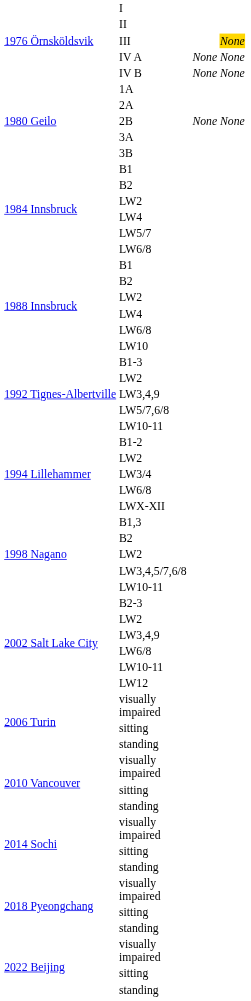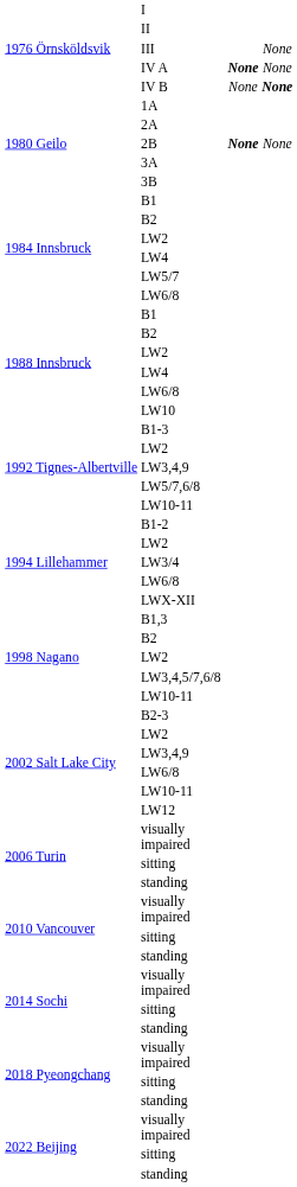 <table>
 <tr>
 <td rowspan="5"><a href='#'>1976 Örnsköldsvik</a><br></td>
 <td>I</td>
 <td></td>
 <td></td>
 <td></td>
 </tr>
 <tr>
 <td>II</td>
 <td></td>
 <td></td>
 <td></td>
 </tr>
 <tr>
 <td>III</td>
 <td></td>
 <td></td>
-<td align="center" style="background: gold;"><em>None</em></td>
+<td align="center"><em>None</em></td>
 </tr>
 <tr>
 <td>IV A</td>
 <td></td>
-<td align="center"><em>None</em></td>
+<td align="center"><strong><em>None</em></strong></td>
 <td align="center"><em>None</em></td>
 </tr>
 <tr>
 <td>IV B</td>
 <td></td>
 <td align="center"><em>None</em></td>
-<td align="center"><em>None</em></td>
+<td align="center"><strong><em>None</em></strong></td>
 </tr>
 <tr>
 <td rowspan="5"><a href='#'>1980 Geilo</a><br></td>
 <td>1A</td>
 <td></td>
 <td></td>
 <td></td>
 </tr>
 <tr>
 <td>2A</td>
 <td></td>
 <td></td>
 <td></td>
 </tr>
 <tr>
 <td>2B</td>
 <td></td>
-<td align="center"><em>None</em></td>
+<td align="center"><strong><em>None</em></strong></td>
 <td align="center"><em>None</em></td>
 </tr>
 <tr>
 <td>3A</td>
 <td></td>
 <td></td>
 <td></td>
 </tr>
 <tr>
 <td>3B</td>
 <td></td>
 <td></td>
 <td></td>
 </tr>
 <tr>
 <td rowspan="6"><a href='#'>1984 Innsbruck</a><br></td>
 <td>B1</td>
 <td></td>
 <td></td>
 <td></td>
 </tr>
 <tr>
 <td>B2</td>
 <td></td>
 <td></td>
 <td></td>
 </tr>
 <tr>
 <td>LW2</td>
 <td></td>
 <td></td>
 <td></td>
 </tr>
 <tr>
 <td>LW4</td>
 <td></td>
 <td></td>
 <td></td>
 </tr>
 <tr>
 <td>LW5/7</td>
 <td></td>
 <td></td>
 <td></td>
 </tr>
 <tr>
 <td>LW6/8</td>
 <td></td>
 <td></td>
 <td></td>
 </tr>
 <tr>
 <td rowspan="6"><a href='#'>1988 Innsbruck</a><br></td>
 <td>B1</td>
 <td></td>
 <td></td>
 <td></td>
 </tr>
 <tr>
 <td>B2</td>
 <td></td>
 <td></td>
 <td></td>
 </tr>
 <tr>
 <td>LW2</td>
 <td></td>
 <td></td>
 <td></td>
 </tr>
 <tr>
 <td>LW4</td>
 <td></td>
 <td></td>
 <td></td>
 </tr>
 <tr>
 <td>LW6/8</td>
 <td></td>
 <td></td>
 <td></td>
 </tr>
 <tr>
 <td>LW10</td>
 <td></td>
 <td></td>
 <td></td>
 </tr>
 <tr>
 <td rowspan="5"><a href='#'>1992 Tignes-Albertville</a><br></td>
 <td>B1-3</td>
 <td></td>
 <td></td>
 <td></td>
 </tr>
 <tr>
 <td>LW2</td>
 <td></td>
 <td></td>
 <td></td>
 </tr>
 <tr>
 <td>LW3,4,9</td>
 <td></td>
 <td></td>
 <td></td>
 </tr>
 <tr>
 <td>LW5/7,6/8</td>
 <td></td>
 <td></td>
 <td></td>
 </tr>
 <tr>
 <td>LW10-11</td>
 <td></td>
 <td></td>
 <td></td>
 </tr>
 <tr>
 <td rowspan="5"><a href='#'>1994 Lillehammer</a><br></td>
 <td>B1-2</td>
 <td></td>
 <td></td>
 <td></td>
 </tr>
 <tr>
 <td>LW2</td>
 <td></td>
 <td></td>
 <td></td>
 </tr>
 <tr>
 <td>LW3/4</td>
 <td></td>
 <td></td>
 <td></td>
 </tr>
 <tr>
 <td>LW6/8</td>
 <td></td>
 <td></td>
 <td></td>
 </tr>
 <tr>
 <td>LWX-XII</td>
 <td></td>
 <td></td>
 <td></td>
 </tr>
 <tr>
 <td rowspan="5"><a href='#'>1998 Nagano</a><br></td>
 <td>B1,3</td>
 <td></td>
 <td></td>
 <td></td>
 </tr>
 <tr>
 <td>B2</td>
 <td></td>
 <td></td>
 <td></td>
 </tr>
 <tr>
 <td>LW2</td>
 <td></td>
 <td></td>
 <td></td>
 </tr>
 <tr>
 <td>LW3,4,5/7,6/8</td>
 <td></td>
 <td></td>
 <td></td>
 </tr>
 <tr>
 <td>LW10-11</td>
 <td></td>
 <td></td>
 <td></td>
 </tr>
 <tr>
 <td rowspan="6"><a href='#'>2002 Salt Lake City</a><br></td>
 <td>B2-3</td>
 <td></td>
 <td></td>
 <td></td>
 </tr>
 <tr>
 <td>LW2</td>
 <td></td>
 <td></td>
 <td></td>
 </tr>
 <tr>
 <td>LW3,4,9</td>
 <td></td>
 <td></td>
 <td></td>
 </tr>
 <tr>
 <td>LW6/8</td>
 <td></td>
 <td></td>
 <td></td>
 </tr>
 <tr>
 <td>LW10-11</td>
 <td></td>
 <td></td>
 <td></td>
 </tr>
 <tr>
 <td>LW12</td>
 <td></td>
 <td></td>
 <td></td>
 </tr>
 <tr>
 <td rowspan="3"><a href='#'>2006 Turin</a><br></td>
 <td>visually <br>impaired</td>
 <td></td>
 <td></td>
 <td></td>
 </tr>
 <tr>
 <td>sitting</td>
 <td></td>
 <td></td>
 <td></td>
 </tr>
 <tr>
 <td>standing</td>
 <td></td>
 <td></td>
 <td></td>
 </tr>
 <tr>
 <td rowspan="3"><a href='#'>2010 Vancouver</a><br></td>
 <td>visually <br>impaired</td>
 <td></td>
 <td></td>
 <td></td>
 </tr>
 <tr>
 <td>sitting</td>
 <td></td>
 <td></td>
 <td></td>
 </tr>
 <tr>
 <td>standing</td>
 <td></td>
 <td></td>
 <td></td>
 </tr>
 <tr>
 <td rowspan="3"><a href='#'>2014 Sochi</a><br></td>
 <td>visually <br>impaired</td>
 <td></td>
 <td></td>
 <td></td>
 </tr>
 <tr>
 <td>sitting</td>
 <td></td>
 <td></td>
 <td></td>
 </tr>
 <tr>
 <td>standing</td>
 <td></td>
 <td></td>
 <td></td>
 </tr>
 <tr>
 <td rowspan="3"><a href='#'>2018 Pyeongchang</a><br></td>
 <td>visually <br>impaired</td>
 <td></td>
 <td></td>
 <td></td>
 </tr>
 <tr>
 <td>sitting</td>
 <td></td>
 <td></td>
 <td></td>
 </tr>
 <tr>
 <td>standing</td>
 <td></td>
 <td></td>
 <td></td>
 </tr>
 <tr>
 <td rowspan="3"><a href='#'>2022 Beijing</a><br></td>
 <td>visually <br>impaired</td>
 <td></td>
 <td></td>
 <td></td>
 </tr>
 <tr>
 <td>sitting</td>
 <td></td>
 <td></td>
 <td></td>
 </tr>
 <tr>
 <td>standing</td>
 <td></td>
 <td></td>
 <td></td>
 </tr>
 </table>
